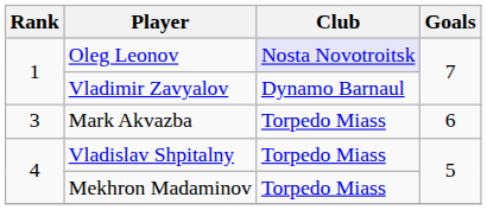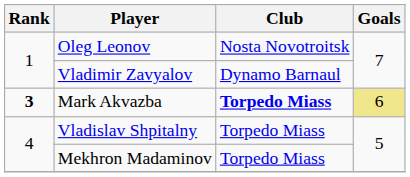 <table class="wikitable" style="text-align: center;">
 <tr>
 <th>Rank</th>
 <th>Player</th>
 <th>Club</th>
 <th>Goals</th>
 </tr>
 <tr>
 <td rowspan="2">1</td>
 <td style="text-align: left;"><a href='#'>Oleg Leonov</a></td>
-<td style="background: lavender; text-align: left;"><a href='#'>Nosta Novotroitsk</a></td>
+<td style="text-align: left;"><a href='#'>Nosta Novotroitsk</a></td>
 <td rowspan="2">7</td>
 </tr>
 <tr>
 <td style="text-align: left;"><a href='#'>Vladimir Zavyalov</a></td>
 <td style="text-align: left;"><a href='#'>Dynamo Barnaul</a></td>
 </tr>
 <tr>
-<td>3</td>
+<td><strong>3</strong></td>
 <td style="text-align: left;">Mark Akvazba</td>
-<td style="text-align: left;"><a href='#'>Torpedo Miass</a></td>
-<td>6</td>
+<td style="text-align: left;"><strong><a href='#'>Torpedo Miass</a></strong></td>
+<td style="background: khaki;">6</td>
 </tr>
 <tr>
 <td rowspan="2">4</td>
 <td style="text-align: left;"><a href='#'>Vladislav Shpitalny</a></td>
 <td style="text-align: left;"><a href='#'>Torpedo Miass</a></td>
 <td rowspan="2">5</td>
 </tr>
 <tr>
 <td style="text-align: left;">Mekhron Madaminov</td>
 <td style="text-align: left;"><a href='#'>Torpedo Miass</a></td>
 </tr>
 <tr>
 </tr>
 </table>
